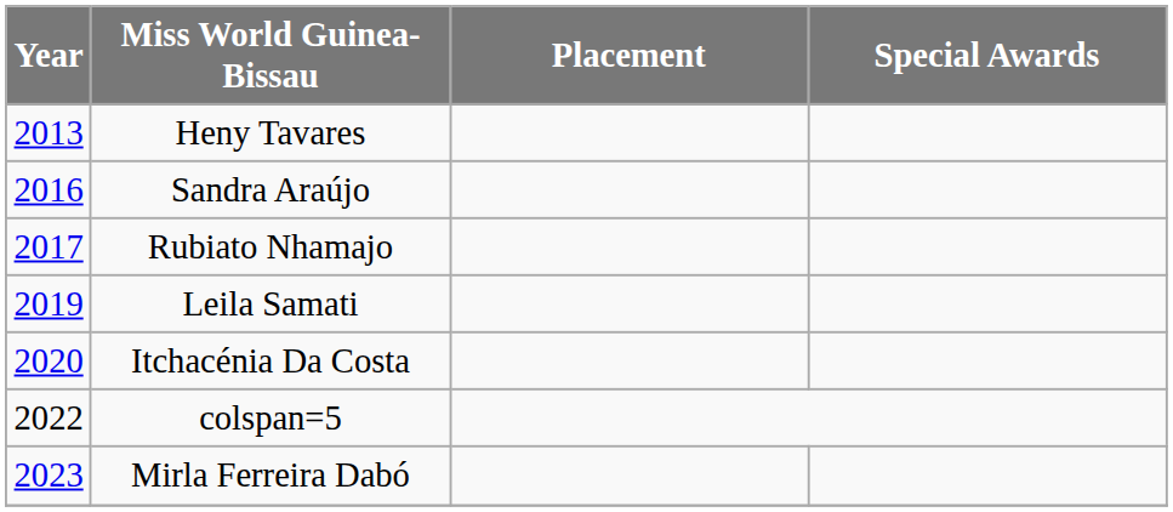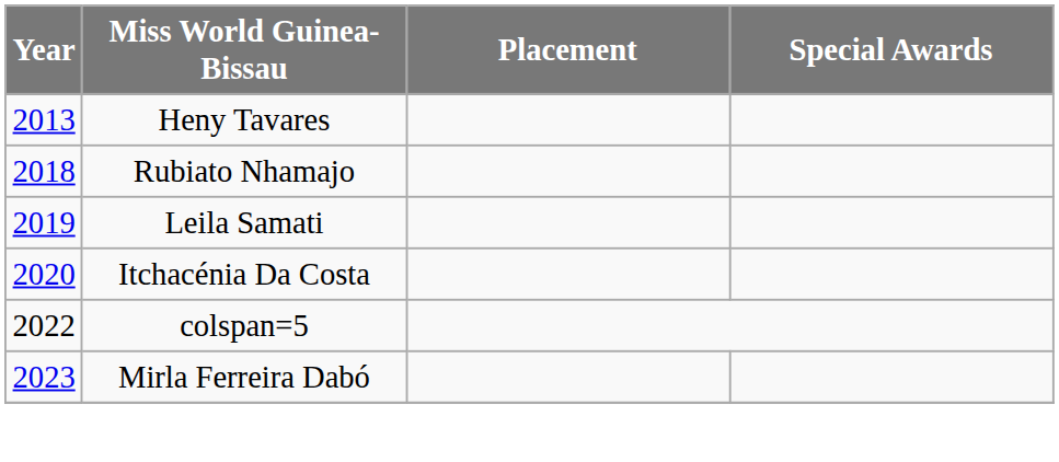 <table class="wikitable sortable" style="font-size: 95%; text-align:center">
 <tr>
 <th width="30" style="background-color:#787878;color:#FFFFFF;">Year</th>
 <th width="150" style="background-color:#787878;color:#FFFFFF;">Miss World Guinea-Bissau</th>
 <th width="150" style="background-color:#787878;color:#FFFFFF;">Placement</th>
 <th width="150" style="background-color:#787878;color:#FFFFFF;">Special Awards</th>
 </tr>
 <tr>
 <td><a href='#'>2013</a></td>
 <td>Heny Tavares</td>
 <td></td>
 <td></td>
 </tr>
 <tr>
-<td><a href='#'>2016</a></td>
-<td>Sandra Araújo</td>
-<td></td>
-<td></td>
-</tr>
-<tr>
-<td><a href='#'>2017</a></td>
+<td><a href='#'>2018</a></td>
 <td>Rubiato Nhamajo</td>
 <td></td>
 <td></td>
 </tr>
 <tr>
 <td><a href='#'>2019</a></td>
 <td>Leila Samati</td>
 <td></td>
 <td></td>
 </tr>
 <tr>
 <td><a href='#'>2020</a></td>
 <td>Itchacénia Da Costa</td>
 <td></td>
 <td></td>
 </tr>
 <tr>
 <td>2022</td>
 <td>colspan=5 </td>
 </tr>
 <tr>
 <td><a href='#'>2023</a></td>
 <td>Mirla Ferreira Dabó</td>
 <td></td>
 <td></td>
 </tr>
 <tr>
 </tr>
 </table>
